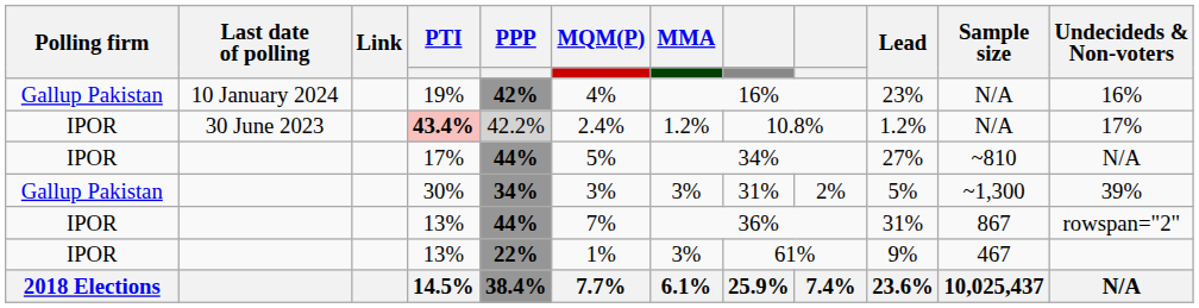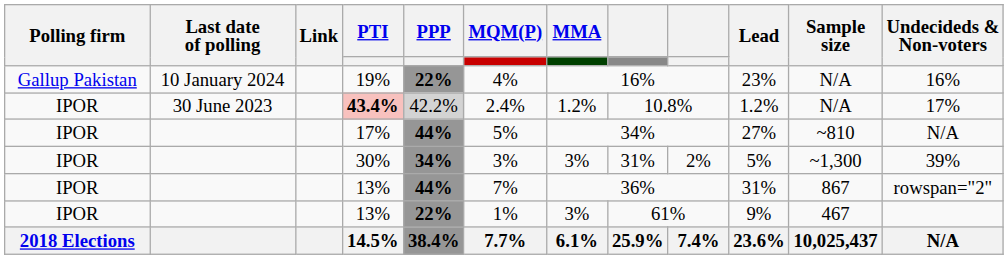 <table class="wikitable sortable" style="text-align:center;font-size:90%;line-height:14px">
 <tr style="height:40px;">
 <th style="width:105px;" rowspan="2">Polling firm</th>
 <th style="width:105px;" rowspan="2">Last date<br>of polling</th>
 <th rowspan="2">Link</th>
 <th class="unsortable" style="width:40px;"><a href='#'>PTI</a></th>
 <th class="unsortable" style="width:40px;"><a href='#'>PPP</a></th>
 <th class="unsortable" style="width:40px;"><a href='#'>MQM(P)</a></th>
 <th class="unsortable" style="width:40px;"><a href='#'>MMA</a></th>
 <th class="unsortable" style="width:40px;"><a href='#'></a></th>
 <th class="unsortable" style="width:40px;"><a href='#'></a></th>
 <th rowspan="2">Lead</th>
 <th rowspan="2">Sample<br>size</th>
 <th rowspan="2">Undecideds &<br>Non-voters</th>
 </tr>
 <tr>
 <th style="background:"></th>
 <th style="background:"></th>
 <th style="background:#C80000;" data-sort-type="number"></th>
 <th style="background:#004000;" data-sort-type="number"></th>
 <th style="background:#888888;" data-sort-type="number"></th>
 <th style="background:"></th>
 </tr>
 <tr>
 <td><a href='#'>Gallup Pakistan</a></td>
 <td>10 January 2024</td>
 <td></td>
 <td>19%</td>
-<td style="background:rgb(150, 150, 150)"><strong>42%</strong></td>
+<td style="background:rgb(150, 150, 150)"><strong>22%</strong></td>
 <td>4%</td>
 <td colspan="3">16%</td>
 <td style="background:"><span>23%</span></td>
 <td>N/A</td>
 <td>16%</td>
 </tr>
 <tr>
 <td>IPOR</td>
 <td>30 June 2023</td>
 <td></td>
 <td style="background:rgb(248, 193, 190)"><strong>43.4%</strong></td>
 <td style="background: lightgrey;">42.2%</td>
 <td>2.4%</td>
 <td>1.2%</td>
 <td colspan="2">10.8%</td>
 <td style="background:"><span>1.2%</span></td>
 <td>N/A</td>
 <td>17%</td>
 </tr>
 <tr>
 <td>IPOR</td>
 <td></td>
 <td></td>
 <td>17%</td>
 <td style="background:rgb(150, 150, 150)"><strong>44%</strong></td>
 <td>5%</td>
 <td colspan="3">34%</td>
 <td style="background:"><span>27%</span></td>
 <td>~810</td>
 <td>N/A</td>
 </tr>
 <tr>
-<td><a href='#'>Gallup Pakistan</a></td>
+<td>IPOR</td>
 <td></td>
 <td></td>
 <td>30%</td>
 <td style="background:rgb(150, 150, 150)"><strong>34%</strong></td>
 <td>3%</td>
 <td>3%</td>
 <td>31%</td>
 <td>2%</td>
 <td style="background:"><span>5%</span></td>
 <td>~1,300</td>
 <td>39%</td>
 </tr>
 <tr>
 <td>IPOR</td>
 <td></td>
 <td></td>
 <td>13%</td>
 <td style="background:rgb(150, 150, 150)"><strong>44%</strong></td>
 <td>7%</td>
 <td colspan="3">36%</td>
 <td style="background:"><span>31%</span></td>
 <td>867</td>
 <td>rowspan="2" </td>
 </tr>
 <tr>
 <td>IPOR</td>
 <td></td>
 <td></td>
 <td>13%</td>
 <td style="background:rgb(150, 150, 150)"><strong>22%</strong></td>
 <td>1%</td>
 <td>3%</td>
 <td colspan="2">61%</td>
 <td style="background:"><span>9%</span></td>
 <td>467</td>
 </tr>
 <tr>
 <th><a href='#'>2018 Elections</a></th>
 <th></th>
 <th></th>
 <th>14.5%</th>
 <th style="background:rgb(150, 150, 150)"><strong>38.4%</strong></th>
 <th>7.7%</th>
 <th>6.1%</th>
 <th>25.9%</th>
 <th>7.4%</th>
 <th style="background:"><span>23.6%</span></th>
 <th>10,025,437</th>
 <th>N/A</th>
 </tr>
 </table>
